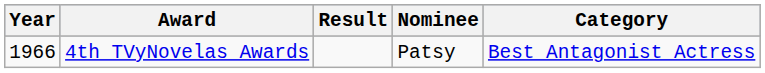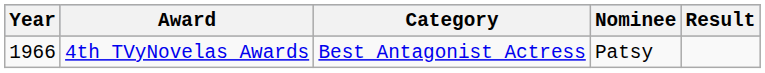 <table class="wikitable">
 <tr style="background:#b0c4de;">
 <th>Year</th>
 <th>Award</th>
+<th>Category</th>
+<th>Nominee</th>
 <th>Result</th>
-<th>Nominee</th>
-<th>Category</th>
 </tr>
 <tr>
 <td>1966</td>
 <td><a href='#'>4th TVyNovelas Awards</a></td>
+<td><a href='#'>Best Antagonist Actress</a></td>
+<td>Patsy</td>
 <td></td>
-<td>Patsy</td>
-<td><a href='#'>Best Antagonist Actress</a></td>
 </tr>
 </table>
